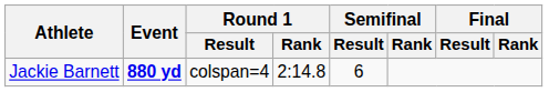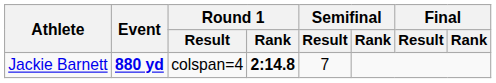 <table class=wikitable style=font-size:90%>
 <tr>
 <th rowspan=2>Athlete</th>
 <th rowspan=2>Event</th>
 <th colspan=2>Round 1</th>
 <th colspan=2>Semifinal</th>
 <th colspan=2>Final</th>
 </tr>
 <tr style=font-size:95%>
 <th>Result</th>
 <th>Rank</th>
 <th>Result</th>
 <th>Rank</th>
 <th>Result</th>
 <th>Rank</th>
 </tr>
 <tr align=center>
 <td align=left><a href='#'>Jackie Barnett</a></td>
 <td align=left><strong><a href='#'>880 yd</a></strong></td>
 <td>colspan=4 </td>
-<td>2:14.8</td>
-<td>6</td>
+<td><strong>2:14.8</strong></td>
+<td>7</td>
 </tr>
 </table>
